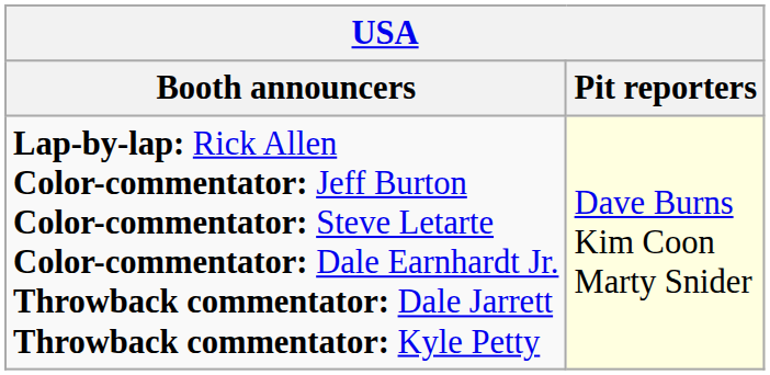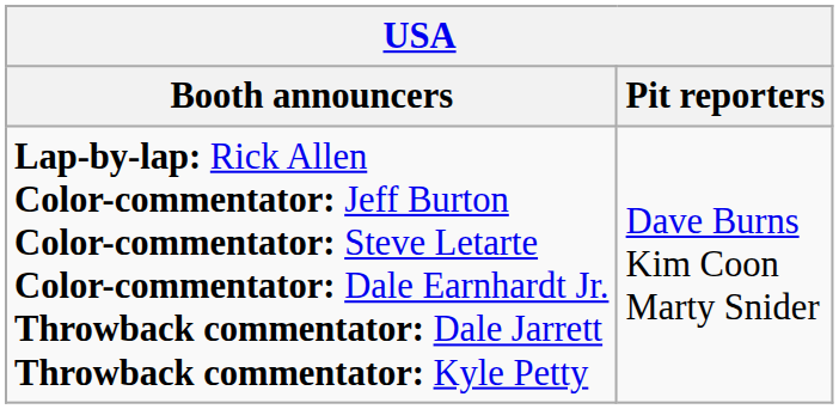 <table class="wikitable" style="font-size: 95%">
 <tr>
 <th colspan="2"><a href='#'>USA</a></th>
 </tr>
 <tr>
 <th>Booth announcers</th>
 <th>Pit reporters</th>
 </tr>
 <tr>
 <td><strong>Lap-by-lap:</strong> <a href='#'>Rick Allen</a><br><strong>Color-commentator:</strong> <a href='#'>Jeff Burton</a><br><strong>Color-commentator:</strong> <a href='#'>Steve Letarte</a><br><strong>Color-commentator:</strong> <a href='#'>Dale Earnhardt Jr.</a><br> <strong>Throwback commentator:</strong> <a href='#'>Dale Jarrett</a><br><strong>Throwback commentator:</strong> <a href='#'>Kyle Petty</a></td>
-<td style="background: lightyellow;"><a href='#'>Dave Burns</a><br>Kim Coon<br>Marty Snider</td>
+<td><a href='#'>Dave Burns</a><br>Kim Coon<br>Marty Snider</td>
 </tr>
 </table>
